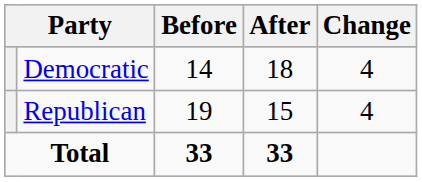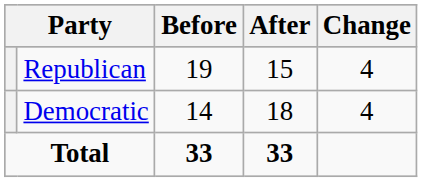 <table class="wikitable" style="text-align:center;">
 <tr>
 <th colspan="2">Party</th>
 <th>Before</th>
 <th>After</th>
 <th>Change</th>
 </tr>
 <tr>
 <th style="background-color:"></th>
-<td style="text-align:left;"><a href='#'>Democratic</a></td>
-<td>14</td>
-<td>18</td>
+<td style="text-align:left;"><a href='#'>Republican</a></td>
+<td>19</td>
+<td>15</td>
 <td> 4</td>
 </tr>
 <tr>
 <th style="background-color:"></th>
-<td style="text-align:left;"><a href='#'>Republican</a></td>
-<td>19</td>
-<td>15</td>
+<td style="text-align:left;"><a href='#'>Democratic</a></td>
+<td>14</td>
+<td>18</td>
 <td> 4</td>
 </tr>
 <tr>
 <td colspan="2"><strong>Total</strong></td>
 <td><strong>33</strong></td>
 <td><strong>33</strong></td>
 <td></td>
 </tr>
 </table>
